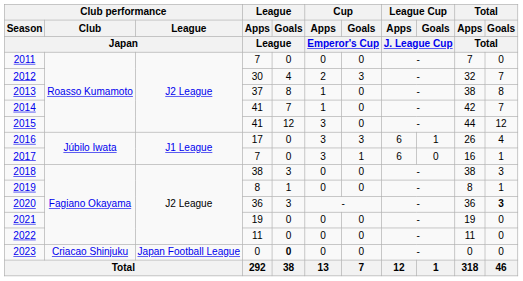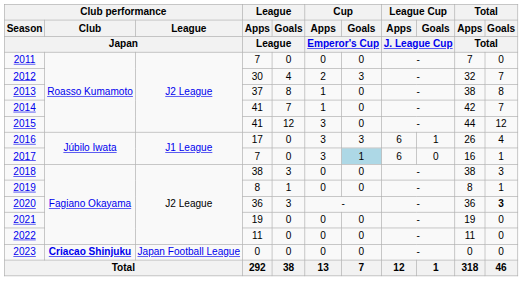 <table class="wikitable" style="text-align:center;">
 <tr>
 <th colspan=3>Club performance</th>
 <th colspan=2>League</th>
 <th colspan=2>Cup</th>
 <th colspan=2>League Cup</th>
 <th colspan=2>Total</th>
 </tr>
 <tr>
 <th>Season</th>
 <th>Club</th>
 <th>League</th>
 <th>Apps</th>
 <th>Goals</th>
 <th>Apps</th>
 <th>Goals</th>
 <th>Apps</th>
 <th>Goals</th>
 <th>Apps</th>
 <th>Goals</th>
 </tr>
 <tr>
 <th colspan=3>Japan</th>
 <th colspan=2>League</th>
 <th colspan=2><a href='#'>Emperor's Cup</a></th>
 <th colspan=2><a href='#'>J. League Cup</a></th>
 <th colspan=2>Total</th>
 </tr>
 <tr>
 <td><a href='#'>2011</a></td>
 <td rowspan="5"><a href='#'>Roasso Kumamoto</a></td>
 <td rowspan="5"><a href='#'>J2 League</a></td>
 <td>7</td>
 <td>0</td>
 <td>0</td>
 <td>0</td>
 <td colspan="2">-</td>
 <td>7</td>
 <td>0</td>
 </tr>
 <tr>
 <td><a href='#'>2012</a></td>
 <td>30</td>
 <td>4</td>
 <td>2</td>
 <td>3</td>
 <td colspan="2">-</td>
 <td>32</td>
 <td>7</td>
 </tr>
 <tr>
 <td><a href='#'>2013</a></td>
 <td>37</td>
 <td>8</td>
 <td>1</td>
 <td>0</td>
 <td colspan="2">-</td>
 <td>38</td>
 <td>8</td>
 </tr>
 <tr>
 <td><a href='#'>2014</a></td>
 <td>41</td>
 <td>7</td>
 <td>1</td>
 <td>0</td>
 <td colspan="2">-</td>
 <td>42</td>
 <td>7</td>
 </tr>
 <tr>
 <td><a href='#'>2015</a></td>
 <td>41</td>
 <td>12</td>
 <td>3</td>
 <td>0</td>
 <td colspan="2">-</td>
 <td>44</td>
 <td>12</td>
 </tr>
 <tr>
 <td><a href='#'>2016</a></td>
 <td rowspan="2"><a href='#'>Júbilo Iwata</a></td>
 <td rowspan="2"><a href='#'>J1 League</a></td>
 <td>17</td>
 <td>0</td>
 <td>3</td>
 <td>3</td>
 <td>6</td>
 <td>1</td>
 <td>26</td>
 <td>4</td>
 </tr>
 <tr>
 <td><a href='#'>2017</a></td>
 <td>7</td>
 <td>0</td>
 <td>3</td>
-<td>1</td>
+<td style="background: lightblue;">1</td>
 <td>6</td>
 <td>0</td>
 <td>16</td>
 <td>1</td>
 </tr>
 <tr>
 <td><a href='#'>2018</a></td>
 <td rowspan="5"><a href='#'>Fagiano Okayama</a></td>
 <td rowspan="5">J2 League</td>
 <td>38</td>
 <td>3</td>
 <td>0</td>
 <td>0</td>
 <td colspan="2">-</td>
 <td>38</td>
 <td>3</td>
 </tr>
 <tr>
 <td><a href='#'>2019</a></td>
 <td>8</td>
 <td>1</td>
 <td>0</td>
 <td>0</td>
 <td colspan="2">-</td>
 <td>8</td>
 <td>1</td>
 </tr>
 <tr>
 <td><a href='#'>2020</a></td>
 <td>36</td>
 <td>3</td>
 <td colspan="2">-</td>
 <td colspan="2">-</td>
 <td>36</td>
 <td><strong>3</strong></td>
 </tr>
 <tr>
 <td><a href='#'>2021</a></td>
 <td>19</td>
 <td>0</td>
 <td>0</td>
 <td>0</td>
 <td colspan="2">-</td>
 <td>19</td>
 <td>0</td>
 </tr>
 <tr>
 <td><a href='#'>2022</a></td>
 <td>11</td>
 <td>0</td>
 <td>0</td>
 <td>0</td>
 <td colspan="2">-</td>
 <td>11</td>
 <td>0</td>
 </tr>
 <tr>
 <td><a href='#'>2023</a></td>
-<td><a href='#'>Criacao Shinjuku</a></td>
+<td><strong><a href='#'>Criacao Shinjuku</a></strong></td>
 <td><a href='#'>Japan Football League</a></td>
 <td>0</td>
-<td><strong>0</strong></td>
+<td>0</td>
 <td>0</td>
 <td>0</td>
 <td colspan="2">-</td>
 <td>0</td>
 <td>0</td>
 </tr>
 <tr>
 <th colspan="3">Total</th>
 <th>292</th>
 <th>38</th>
 <th>13</th>
 <th>7</th>
 <th>12</th>
 <th>1</th>
 <th>318</th>
 <th>46</th>
 </tr>
 </table>
